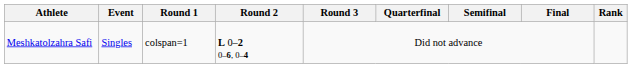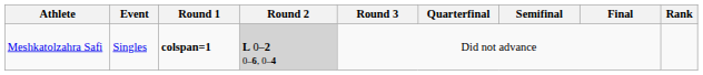 <table class="wikitable" width="98%" style="text-align:left; font-size:90%">
 <tr>
 <th width="13%">Athlete</th>
 <th width="6%">Event</th>
 <th width="10%">Round 1</th>
 <th width="12%">Round 2</th>
 <th width="10%">Round 3</th>
 <th width="10%">Quarterfinal</th>
 <th width="10%">Semifinal</th>
 <th width="10%">Final</th>
 <th width="4%">Rank</th>
 </tr>
 <tr>
 <td><a href='#'>Meshkatolzahra Safi</a></td>
 <td><a href='#'>Singles</a></td>
-<td>colspan=1 </td>
-<td><br><strong>L</strong> 0–<strong>2</strong><br><small>0–<strong>6</strong>, 0–<strong>4</strong></small></td>
+<td><strong>colspan=1 </strong></td>
+<td style="background: lightgrey;"><br><strong>L</strong> 0–<strong>2</strong><br><small>0–<strong>6</strong>, 0–<strong>4</strong></small></td>
 <td align=center colspan=4>Did not advance</td>
 <td align="center"></td>
 </tr>
 </table>
